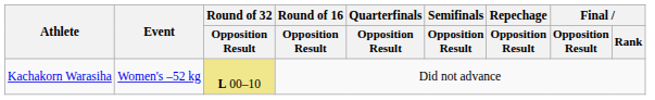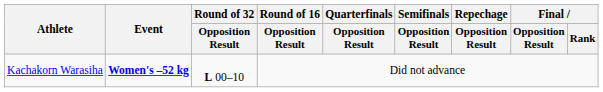 <table class="wikitable" style="font-size:90%">
 <tr>
 <th rowspan="2">Athlete</th>
 <th rowspan="2">Event</th>
 <th>Round of 32</th>
 <th>Round of 16</th>
 <th>Quarterfinals</th>
 <th>Semifinals</th>
 <th>Repechage</th>
 <th colspan=2>Final / </th>
 </tr>
 <tr style="font-size:95%">
 <th>Opposition<br>Result</th>
 <th>Opposition<br>Result</th>
 <th>Opposition<br>Result</th>
 <th>Opposition<br>Result</th>
 <th>Opposition<br>Result</th>
 <th>Opposition<br>Result</th>
 <th>Rank</th>
 </tr>
 <tr align=center>
 <td align=left><a href='#'>Kachakorn Warasiha</a></td>
-<td align=left><a href='#'>Women's –52 kg</a></td>
-<td style="background: khaki;"><br><strong>L</strong> 00–10</td>
+<td align=left><strong><a href='#'>Women's –52 kg</a></strong></td>
+<td><br><strong>L</strong> 00–10</td>
 <td colspan=6>Did not advance</td>
 </tr>
 </table>
